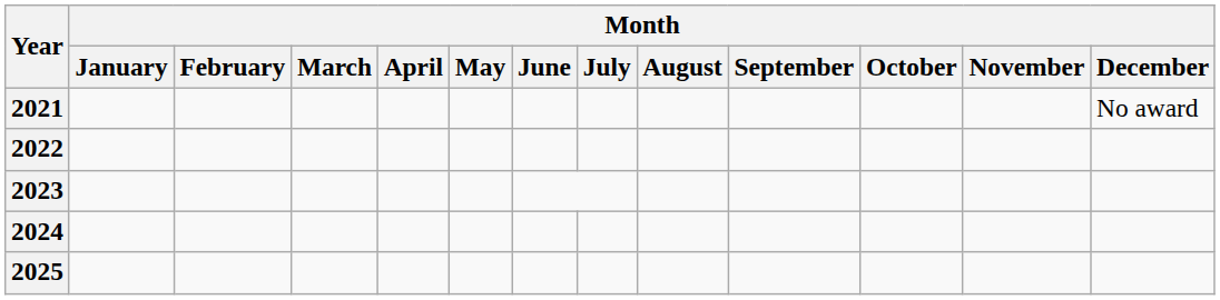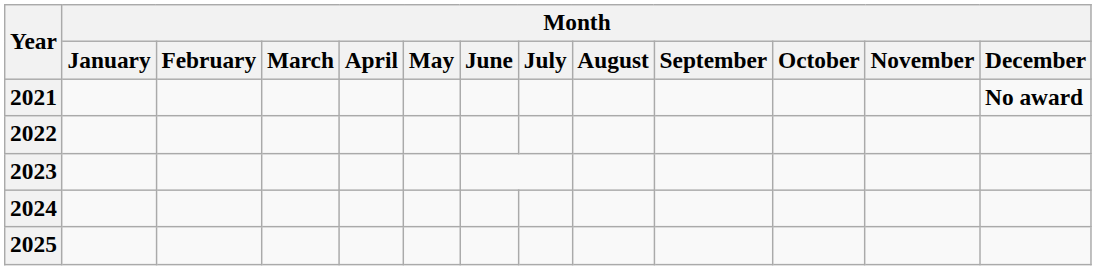 <table class="wikitable">
 <tr>
 <th rowspan=2>Year</th>
 <th colspan=12>Month</th>
 </tr>
 <tr>
 <th>January</th>
 <th>February</th>
 <th>March</th>
 <th>April</th>
 <th>May</th>
 <th>June</th>
 <th>July</th>
 <th>August</th>
 <th>September</th>
 <th>October</th>
 <th>November</th>
 <th>December</th>
 </tr>
 <tr>
 <th>2021</th>
 <td> </td>
 <td> </td>
 <td> </td>
 <td> </td>
 <td> </td>
 <td> </td>
 <td> </td>
 <td> </td>
 <td> </td>
 <td> </td>
 <td> </td>
-<td>No award</td>
+<td><strong>No award</strong></td>
 </tr>
 <tr>
 <th>2022</th>
 <td> </td>
 <td> </td>
 <td> </td>
 <td> </td>
 <td> </td>
 <td> </td>
 <td> </td>
 <td> </td>
 <td> </td>
 <td> </td>
 <td> </td>
 <td> </td>
 </tr>
 <tr>
 <th>2023</th>
 <td> </td>
 <td> </td>
 <td> </td>
 <td> </td>
 <td> </td>
 <td colspan="2"> </td>
 <td> </td>
 <td> </td>
 <td> </td>
 <td> </td>
 <td> </td>
 </tr>
 <tr>
 <th>2024</th>
 <td> </td>
 <td> </td>
 <td> </td>
 <td> </td>
 <td> </td>
 <td> </td>
 <td> </td>
 <td> </td>
 <td> </td>
 <td> </td>
 <td> </td>
 <td> </td>
 </tr>
 <tr>
 <th>2025</th>
 <td> </td>
 <td> </td>
 <td> </td>
 <td> </td>
 <td></td>
 <td></td>
 <td></td>
 <td></td>
 <td></td>
 <td></td>
 <td></td>
 <td></td>
 </tr>
 </table>
